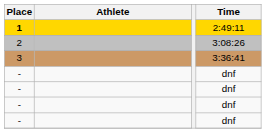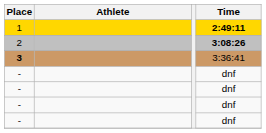 <table class="wikitable" style="text-align:center">
 <tr>
 <th>Place</th>
 <th width=250>Athlete</th>
 <th rowspan=27></th>
 <th width=100>Time</th>
 </tr>
 <tr bgcolor=gold>
-<td><strong>1</strong></td>
+<td>1</td>
 <td align=left></td>
-<td>2:49:11</td>
+<td><strong>2:49:11</strong></td>
 </tr>
 <tr bgcolor=silver>
 <td>2</td>
 <td align=left></td>
-<td>3:08:26</td>
+<td><strong>3:08:26</strong></td>
 </tr>
 <tr bgcolor=cc9966>
-<td>3</td>
+<td><strong>3</strong></td>
 <td align=left></td>
 <td>3:36:41</td>
 </tr>
 <tr>
 <td>-</td>
 <td align=left></td>
 <td>dnf</td>
 </tr>
 <tr>
 <td>-</td>
 <td align=left></td>
 <td>dnf</td>
 </tr>
 <tr>
 <td>-</td>
 <td align=left></td>
 <td>dnf</td>
 </tr>
 <tr>
 <td>-</td>
 <td align=left></td>
 <td>dnf</td>
 </tr>
 <tr>
 </tr>
 </table>
